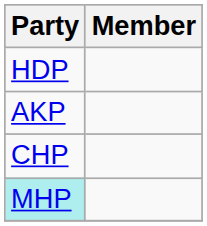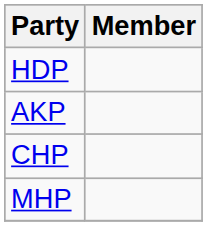 <table class="wikitable">
 <tr>
 <th>Party</th>
 <th colspan="2">Member</th>
 </tr>
 <tr>
 <td><a href='#'>HDP</a></td>
 <td></td>
 </tr>
 <tr>
 <td><a href='#'>AKP</a></td>
 <td></td>
 </tr>
 <tr>
 <td><a href='#'>CHP</a></td>
 <td></td>
 </tr>
 <tr>
-<td style="background: paleturquoise;"><a href='#'>MHP</a></td>
+<td><a href='#'>MHP</a></td>
 <td></td>
 </tr>
 <tr>
 </tr>
 </table>
